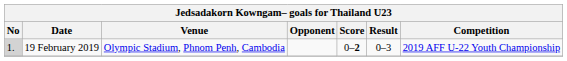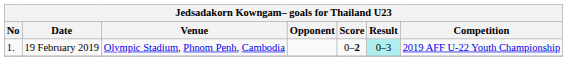 <table class="wikitable" style="font-size:95%;">
 <tr>
 <th colspan="8"><strong>Jedsadakorn Kowngam– goals for Thailand U23</strong></th>
 </tr>
 <tr>
 <th>No</th>
 <th>Date</th>
 <th>Venue</th>
 <th>Opponent</th>
 <th>Score</th>
 <th>Result</th>
 <th>Competition</th>
 </tr>
 <tr>
-<td style="background: lightgrey;">1.</td>
+<td>1.</td>
 <td>19 February 2019</td>
 <td><a href='#'>Olympic Stadium</a>, <a href='#'>Phnom Penh</a>, <a href='#'>Cambodia</a></td>
 <td></td>
 <td align=center>0–<strong>2</strong></td>
-<td align=center>0–3</td>
+<td align=center style="background: paleturquoise;">0–3</td>
 <td><a href='#'>2019 AFF U-22 Youth Championship</a></td>
 </tr>
 <tr>
 </tr>
 </table>
